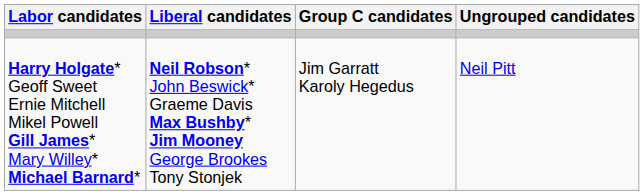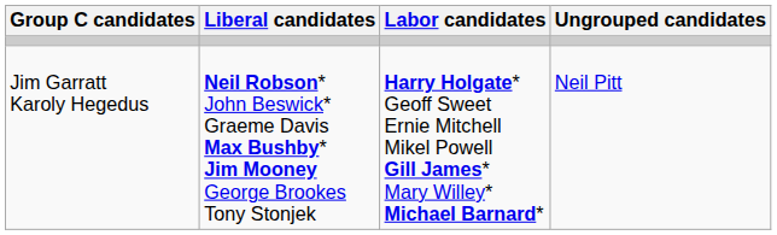 <table class="wikitable">
 <tr>
+<th>Group C candidates</th>
+<th><a href='#'>Liberal</a> candidates</th>
 <th><a href='#'>Labor</a> candidates</th>
-<th><a href='#'>Liberal</a> candidates</th>
-<th>Group C candidates</th>
 <th>Ungrouped candidates</th>
 </tr>
 <tr bgcolor="#cccccc">
 <td></td>
 <td></td>
 <td></td>
 <td></td>
 </tr>
 <tr>
+<td valign=top><br>Jim Garratt<br> Karoly Hegedus</td>
+<td><br><strong><a href='#'>Neil Robson</a></strong>*<br> <a href='#'>John Beswick</a>*<br> Graeme Davis<br> <strong><a href='#'>Max Bushby</a></strong>*<br> <strong><a href='#'>Jim Mooney</a></strong><br> <a href='#'>George Brookes</a><br> Tony Stonjek</td>
 <td><br><strong><a href='#'>Harry Holgate</a></strong>*<br> Geoff Sweet<br> Ernie Mitchell<br> Mikel Powell<br> <strong><a href='#'>Gill James</a></strong>*<br> <a href='#'>Mary Willey</a>*<br> <strong><a href='#'>Michael Barnard</a></strong>*</td>
-<td><br><strong><a href='#'>Neil Robson</a></strong>*<br> <a href='#'>John Beswick</a>*<br> Graeme Davis<br> <strong><a href='#'>Max Bushby</a></strong>*<br> <strong><a href='#'>Jim Mooney</a></strong><br> <a href='#'>George Brookes</a><br> Tony Stonjek</td>
-<td valign=top><br>Jim Garratt<br> Karoly Hegedus</td>
 <td valign=top><br><a href='#'>Neil Pitt</a></td>
 </tr>
 </table>
